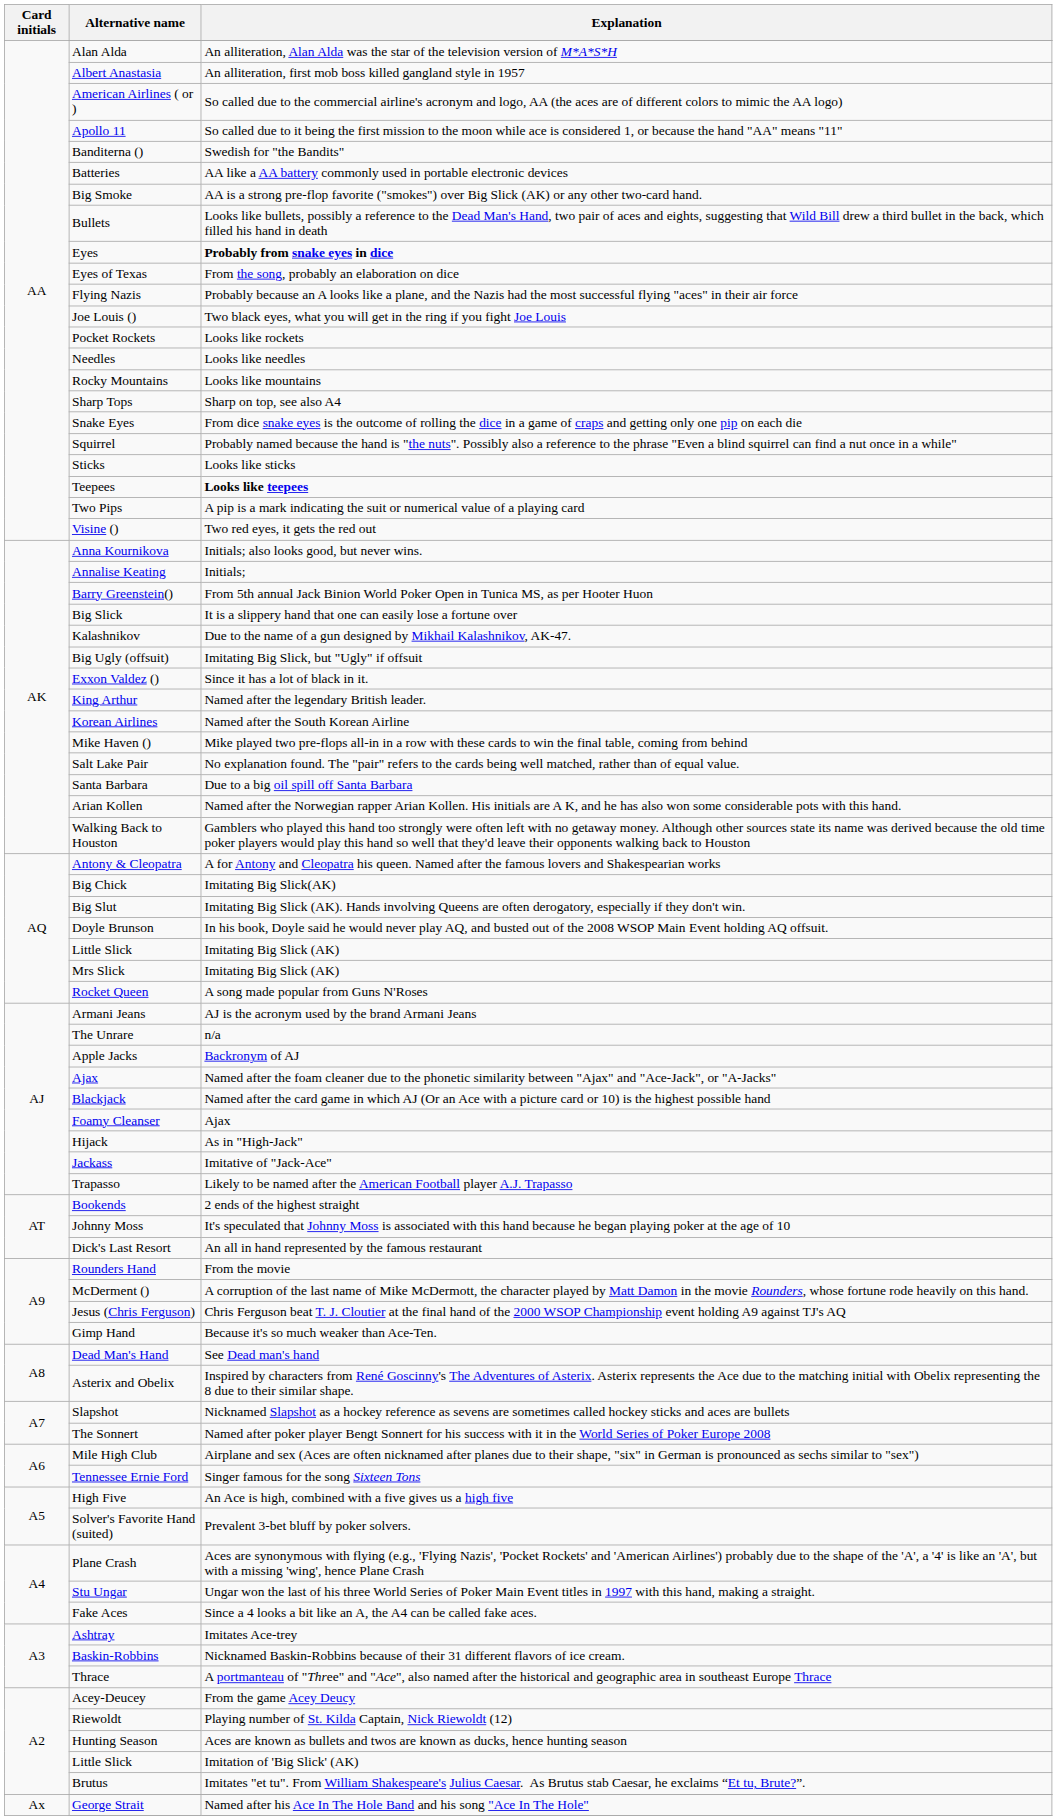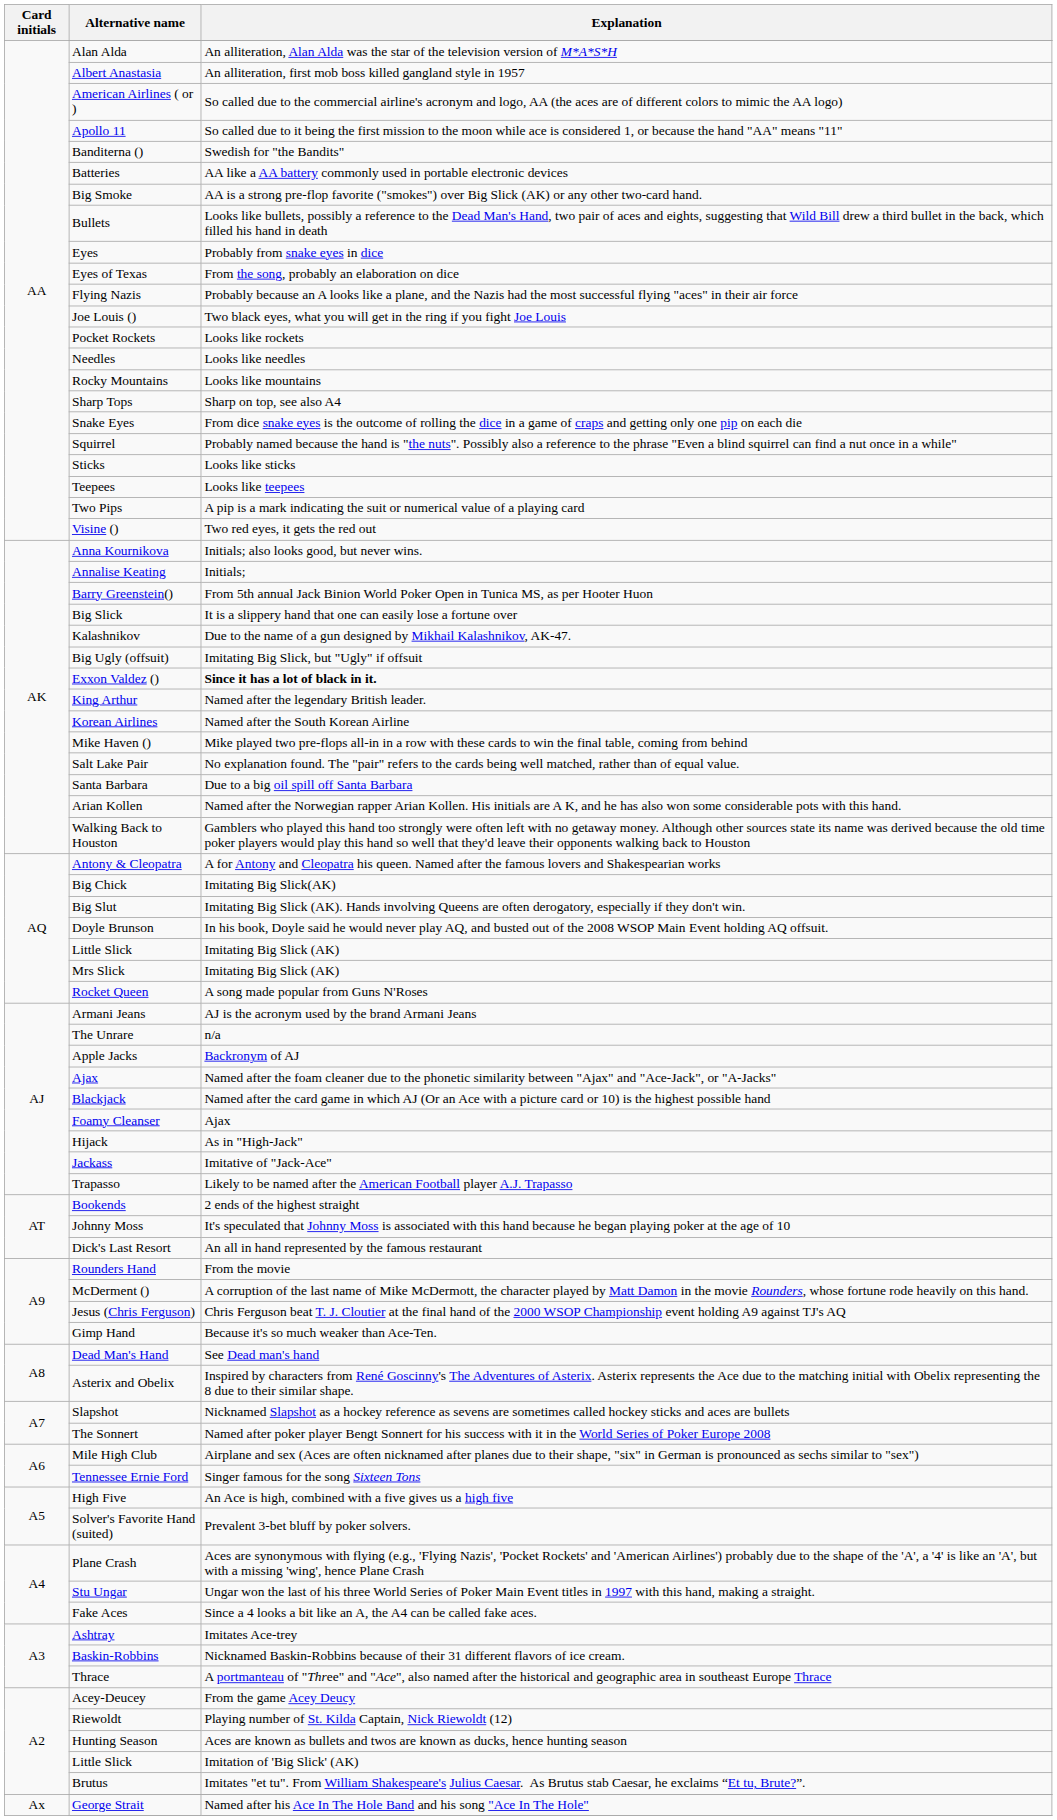 <table class="wikitable">
 <tr>
 <th>Card initials</th>
 <th>Alternative name</th>
 <th>Explanation</th>
 </tr>
 <tr>
 <td rowspan="23" align="center">AA</td>
 </tr>
 <tr>
 <td>Alan Alda</td>
 <td>An alliteration, <a href='#'>Alan Alda</a> was the star of the television version of <em><a href='#'>M*A*S*H</a></em></td>
 </tr>
 <tr>
 <td><a href='#'>Albert Anastasia</a></td>
 <td>An alliteration, first mob boss killed gangland style in 1957</td>
 </tr>
 <tr>
 <td><a href='#'>American Airlines</a> ( or )</td>
 <td>So called due to the commercial airline's acronym and logo, AA (the aces are of different colors to mimic the AA logo)</td>
 </tr>
 <tr>
 <td><a href='#'>Apollo 11</a></td>
 <td>So called due to it being the first mission to the moon while ace is considered 1, or because the hand "AA" means "11"</td>
 </tr>
 <tr>
 <td>Banditerna ()</td>
 <td>Swedish for "the Bandits"</td>
 </tr>
 <tr>
 <td>Batteries</td>
 <td>AA like a <a href='#'>AA battery</a> commonly used in portable electronic devices</td>
 </tr>
 <tr>
 <td>Big Smoke</td>
 <td>AA is a strong pre-flop favorite ("smokes") over Big Slick (AK) or any other two-card hand.</td>
 </tr>
 <tr>
 <td>Bullets</td>
 <td>Looks like bullets, possibly a reference to the <a href='#'>Dead Man's Hand</a>, two pair of aces and eights, suggesting that <a href='#'>Wild Bill</a> drew a third bullet in the back, which filled his hand in death</td>
 </tr>
 <tr>
 <td>Eyes</td>
-<td><strong>Probably from <a href='#'>snake eyes</a> in <a href='#'>dice</a></strong></td>
+<td>Probably from <a href='#'>snake eyes</a> in <a href='#'>dice</a></td>
 </tr>
 <tr>
 <td>Eyes of Texas</td>
 <td>From <a href='#'>the song</a>, probably an elaboration on dice</td>
 </tr>
 <tr>
 <td>Flying Nazis</td>
 <td>Probably because an A looks like a plane, and the Nazis had the most successful flying "aces" in their air force</td>
 </tr>
 <tr>
 <td>Joe Louis ()</td>
 <td>Two black eyes, what you will get in the ring if you fight <a href='#'>Joe Louis</a></td>
 </tr>
 <tr>
 <td>Pocket Rockets</td>
 <td>Looks like rockets</td>
 </tr>
 <tr>
 <td>Needles</td>
 <td>Looks like needles</td>
 </tr>
 <tr>
 <td>Rocky Mountains</td>
 <td>Looks like mountains</td>
 </tr>
 <tr>
 <td>Sharp Tops</td>
 <td>Sharp on top, see also A4</td>
 </tr>
 <tr>
 <td>Snake Eyes</td>
 <td>From dice <a href='#'>snake eyes</a> is the outcome of rolling the <a href='#'>dice</a> in a game of <a href='#'>craps</a> and getting only one <a href='#'>pip</a> on each die</td>
 </tr>
 <tr>
 <td>Squirrel</td>
 <td>Probably named because the hand is "<a href='#'>the nuts</a>". Possibly also a reference to the phrase "Even a blind squirrel can find a nut once in a while"</td>
 </tr>
 <tr>
 <td>Sticks</td>
 <td>Looks like sticks</td>
 </tr>
 <tr>
 <td>Teepees</td>
-<td><strong>Looks like <a href='#'>teepees</a></strong></td>
+<td>Looks like <a href='#'>teepees</a></td>
 </tr>
 <tr>
 <td>Two Pips</td>
 <td>A pip is a mark indicating the suit or numerical value of a playing card</td>
 </tr>
 <tr>
 <td><a href='#'>Visine</a> ()</td>
 <td>Two red eyes, it gets the red out</td>
 </tr>
 <tr>
 <td rowspan="14" align="center">AK</td>
 <td><a href='#'>Anna Kournikova</a></td>
 <td>Initials; also looks good, but never wins.</td>
 </tr>
 <tr>
 <td><a href='#'>Annalise Keating</a></td>
 <td>Initials;</td>
 </tr>
 <tr>
 <td><a href='#'>Barry Greenstein</a>()</td>
 <td>From 5th annual Jack Binion World Poker Open in Tunica MS, as per Hooter Huon</td>
 </tr>
 <tr>
 <td>Big Slick</td>
 <td>It is a slippery hand that one can easily lose a fortune over</td>
 </tr>
 <tr>
 <td>Kalashnikov</td>
 <td>Due to the name of a gun designed by <a href='#'>Mikhail Kalashnikov</a>, AK-47.</td>
 </tr>
 <tr>
 <td>Big Ugly (offsuit)</td>
 <td>Imitating Big Slick, but "Ugly" if offsuit</td>
 </tr>
 <tr>
 <td><a href='#'>Exxon Valdez</a> ()</td>
-<td>Since it has a lot of black in it.</td>
+<td><strong>Since it has a lot of black in it.</strong></td>
 </tr>
 <tr>
 <td><a href='#'>King Arthur</a></td>
 <td>Named after the legendary British leader.</td>
 </tr>
 <tr>
 <td><a href='#'>Korean Airlines</a></td>
 <td>Named after the South Korean Airline</td>
 </tr>
 <tr>
 <td>Mike Haven ()</td>
 <td>Mike played two pre-flops all-in in a row with these cards to win the final table, coming from behind</td>
 </tr>
 <tr>
 <td>Salt Lake Pair</td>
 <td>No explanation found. The "pair" refers to the cards being well matched, rather than of equal value.</td>
 </tr>
 <tr>
 <td>Santa Barbara</td>
 <td>Due to a big <a href='#'>oil spill off Santa Barbara</a></td>
 </tr>
 <tr>
 <td>Arian Kollen</td>
 <td>Named after the Norwegian rapper Arian Kollen. His initials are A K, and he has also won some considerable pots with this hand.</td>
 </tr>
 <tr>
 <td>Walking Back to Houston</td>
 <td>Gamblers who played this hand too strongly were often left with no getaway money. Although other sources state its name was derived because the old time poker players would play this hand so well that they'd leave their opponents walking back to Houston</td>
 </tr>
 <tr>
 <td align="center" rowspan="7">AQ</td>
 <td><a href='#'>Antony & Cleopatra</a></td>
 <td>A for <a href='#'>Antony</a> and <a href='#'>Cleopatra</a> his queen. Named after the famous lovers and Shakespearian works</td>
 </tr>
 <tr>
 <td>Big Chick</td>
 <td>Imitating Big Slick(AK)</td>
 </tr>
 <tr>
 <td>Big Slut</td>
 <td>Imitating Big Slick (AK). Hands involving Queens are often derogatory, especially if they don't win.</td>
 </tr>
 <tr>
 <td>Doyle Brunson</td>
 <td>In his book, Doyle said he would never play AQ, and busted out of the 2008 WSOP Main Event holding AQ offsuit.</td>
 </tr>
 <tr>
 <td>Little Slick</td>
 <td>Imitating Big Slick (AK)</td>
 </tr>
 <tr>
 <td>Mrs Slick</td>
 <td>Imitating Big Slick (AK)</td>
 </tr>
 <tr>
 <td><a href='#'>Rocket Queen</a></td>
 <td>A song made popular from Guns N'Roses</td>
 </tr>
 <tr>
 <td align="center" rowspan="9">AJ</td>
 <td>Armani Jeans</td>
 <td>AJ is the acronym used by the brand Armani Jeans</td>
 </tr>
 <tr>
 <td>The Unrare</td>
 <td>n/a</td>
 </tr>
 <tr>
 <td>Apple Jacks</td>
 <td><a href='#'>Backronym</a> of AJ</td>
 </tr>
 <tr>
 <td><a href='#'>Ajax</a></td>
 <td>Named after the foam cleaner due to the phonetic similarity between "Ajax" and "Ace-Jack", or "A-Jacks"</td>
 </tr>
 <tr>
 <td><a href='#'>Blackjack</a></td>
 <td>Named after the card game in which AJ (Or an Ace with a picture card or 10) is the highest possible hand</td>
 </tr>
 <tr>
 <td><a href='#'>Foamy Cleanser</a></td>
 <td>Ajax</td>
 </tr>
 <tr>
 <td>Hijack</td>
 <td>As in "High-Jack"</td>
 </tr>
 <tr>
 <td><a href='#'>Jackass</a></td>
 <td>Imitative of "Jack-Ace"</td>
 </tr>
 <tr>
 <td>Trapasso</td>
 <td>Likely to be named after the <a href='#'>American Football</a> player <a href='#'>A.J. Trapasso</a></td>
 </tr>
 <tr>
 <td rowspan="3" align="center">AT</td>
 <td><a href='#'>Bookends</a></td>
 <td>2 ends of the highest straight</td>
 </tr>
 <tr>
 <td>Johnny Moss</td>
 <td>It's speculated that <a href='#'>Johnny Moss</a> is associated with this hand because he began playing poker at the age of 10</td>
 </tr>
 <tr>
 <td>Dick's Last Resort</td>
 <td>An all in hand represented by the famous restaurant</td>
 </tr>
 <tr>
 <td align="center" rowspan="4">A9</td>
 <td><a href='#'>Rounders Hand</a></td>
 <td>From the movie</td>
 </tr>
 <tr>
 <td>McDerment ()</td>
 <td>A corruption of the last name of Mike McDermott, the character played by <a href='#'>Matt Damon</a> in the movie <em><a href='#'>Rounders</a></em>, whose fortune rode heavily on this hand.</td>
 </tr>
 <tr>
 <td>Jesus (<a href='#'>Chris Ferguson</a>)</td>
 <td>Chris Ferguson beat <a href='#'>T. J. Cloutier</a> at the final hand of the <a href='#'>2000 WSOP Championship</a> event holding A9 against TJ's AQ</td>
 </tr>
 <tr>
 <td>Gimp Hand</td>
 <td>Because it's so much weaker than Ace-Ten.</td>
 </tr>
 <tr>
 <td align="center" rowspan="2">A8</td>
 <td><a href='#'>Dead Man's Hand</a></td>
 <td>See <a href='#'>Dead man's hand</a></td>
 </tr>
 <tr>
 <td>Asterix and Obelix</td>
 <td>Inspired by characters from <a href='#'>René Goscinny</a>'s <a href='#'>The Adventures of Asterix</a>. Asterix represents the Ace due to the matching initial with Obelix representing the 8 due to their similar shape.</td>
 </tr>
 <tr>
 <td align="center" rowspan="2">A7</td>
 <td>Slapshot</td>
 <td>Nicknamed <a href='#'>Slapshot</a> as a hockey reference as sevens are sometimes called hockey sticks and aces are bullets</td>
 </tr>
 <tr>
 <td>The Sonnert</td>
 <td>Named after poker player Bengt Sonnert for his success with it in the <a href='#'>World Series of Poker Europe 2008</a></td>
 </tr>
 <tr>
 <td align="center" rowspan="2">A6</td>
 <td>Mile High Club</td>
 <td>Airplane and sex (Aces are often nicknamed after planes due to their shape, "six" in German is pronounced as sechs similar to "sex")</td>
 </tr>
 <tr>
 <td><a href='#'>Tennessee Ernie Ford</a></td>
 <td>Singer famous for the song <em><a href='#'>Sixteen Tons</a></em></td>
 </tr>
 <tr>
 <td align="center" rowspan="2">A5</td>
 <td>High Five</td>
 <td>An Ace is high, combined with a five gives us a <a href='#'>high five</a></td>
 </tr>
 <tr>
 <td>Solver's Favorite Hand (suited)</td>
 <td>Prevalent 3-bet bluff by poker solvers.</td>
 </tr>
 <tr>
 <td rowspan="3" align="center">A4</td>
 <td>Plane Crash</td>
 <td>Aces are synonymous with flying (e.g., 'Flying Nazis', 'Pocket Rockets' and 'American Airlines') probably due to the shape of the 'A', a '4' is like an 'A', but with a missing 'wing', hence Plane Crash</td>
 </tr>
 <tr>
 <td><a href='#'>Stu Ungar</a></td>
 <td>Ungar won the last of his three World Series of Poker Main Event titles in <a href='#'>1997</a> with this hand, making a straight.</td>
 </tr>
 <tr>
 <td>Fake Aces</td>
 <td>Since a 4 looks a bit like an A, the A4 can be called fake aces.</td>
 </tr>
 <tr>
 <td align="center" rowspan="3">A3</td>
 <td><a href='#'>Ashtray</a></td>
 <td>Imitates Ace-trey</td>
 </tr>
 <tr>
 <td><a href='#'>Baskin-Robbins</a></td>
 <td>Nicknamed Baskin-Robbins because of their 31 different flavors of ice cream.</td>
 </tr>
 <tr>
 <td>Thrace</td>
 <td>A <a href='#'>portmanteau</a> of "<em>Thr</em>ee" and "<em>Ace</em>", also named after the historical and geographic area in southeast Europe <a href='#'>Thrace</a></td>
 </tr>
 <tr>
 <td rowspan="5" align="center">A2</td>
 <td>Acey-Deucey</td>
 <td>From the game <a href='#'>Acey Deucy</a></td>
 </tr>
 <tr>
 <td>Riewoldt</td>
 <td>Playing number of <a href='#'>St. Kilda</a> Captain, <a href='#'>Nick Riewoldt</a> (12)</td>
 </tr>
 <tr>
 <td>Hunting Season</td>
 <td>Aces are known as bullets and twos are known as ducks, hence hunting season</td>
 </tr>
 <tr>
 <td>Little Slick</td>
 <td>Imitation of 'Big Slick' (AK)</td>
 </tr>
 <tr>
 <td>Brutus</td>
 <td>Imitates "et tu". From <a href='#'>William Shakespeare's</a> <a href='#'>Julius Caesar</a>.  As Brutus stab Caesar, he exclaims “<a href='#'>Et tu, Brute?</a>”.</td>
 </tr>
 <tr>
 <td rowspan="5" align="center">Ax</td>
 </tr>
 <tr>
 <td><a href='#'>George Strait</a></td>
 <td>Named after his <a href='#'>Ace In The Hole Band</a> and his song <a href='#'>"Ace In The Hole"</a></td>
 </tr>
 <tr>
 </tr>
 </table>
